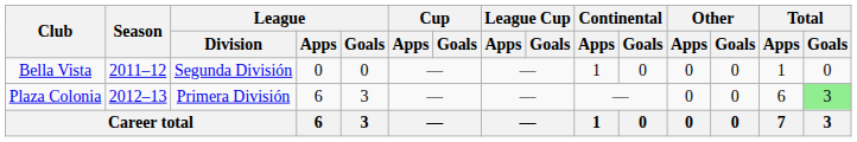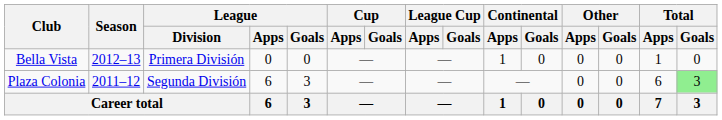 <table class="wikitable" style="text-align:center">
 <tr>
 <th rowspan="2">Club</th>
 <th rowspan="2">Season</th>
 <th colspan="3">League</th>
 <th colspan="2">Cup</th>
 <th colspan="2">League Cup</th>
 <th colspan="2">Continental</th>
 <th colspan="2">Other</th>
 <th colspan="2">Total</th>
 </tr>
 <tr>
 <th>Division</th>
 <th>Apps</th>
 <th>Goals</th>
 <th>Apps</th>
 <th>Goals</th>
 <th>Apps</th>
 <th>Goals</th>
 <th>Apps</th>
 <th>Goals</th>
 <th>Apps</th>
 <th>Goals</th>
 <th>Apps</th>
 <th>Goals</th>
 </tr>
 <tr>
 <td rowspan="1"><a href='#'>Bella Vista</a></td>
-<td><a href='#'>2011–12</a></td>
-<td rowspan="1"><a href='#'>Segunda División</a></td>
+<td><a href='#'>2012–13</a></td>
+<td rowspan="1"><a href='#'>Primera División</a></td>
 <td>0</td>
 <td>0</td>
 <td colspan="2">—</td>
 <td colspan="2">—</td>
 <td>1</td>
 <td>0</td>
 <td>0</td>
 <td>0</td>
 <td>1</td>
 <td>0</td>
 </tr>
 <tr>
 <td rowspan="1"><a href='#'>Plaza Colonia</a></td>
-<td><a href='#'>2012–13</a></td>
-<td rowspan="1"><a href='#'>Primera División</a></td>
+<td><a href='#'>2011–12</a></td>
+<td rowspan="1"><a href='#'>Segunda División</a></td>
 <td>6</td>
 <td>3</td>
 <td colspan="2">—</td>
 <td colspan="2">—</td>
 <td colspan="2">—</td>
 <td>0</td>
 <td>0</td>
 <td>6</td>
 <td style="background: lightgreen;">3</td>
 </tr>
 <tr>
 <th colspan="3">Career total</th>
 <th>6</th>
 <th>3</th>
 <th colspan="2">—</th>
 <th colspan="2">—</th>
 <th>1</th>
 <th>0</th>
 <th>0</th>
 <th>0</th>
 <th>7</th>
 <th>3</th>
 </tr>
 </table>
